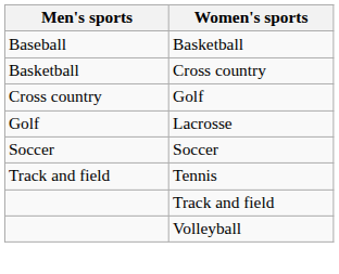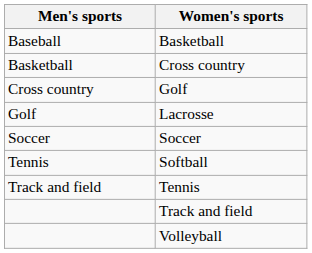 <table class="wikitable"; style= "text-align: ">
 <tr>
 <th width=150px>Men's sports</th>
 <th width=150px>Women's sports</th>
 </tr>
 <tr>
 <td>Baseball</td>
 <td>Basketball</td>
 </tr>
 <tr>
 <td>Basketball</td>
 <td>Cross country</td>
 </tr>
 <tr>
 <td>Cross country</td>
 <td>Golf</td>
 </tr>
 <tr>
 <td>Golf</td>
 <td>Lacrosse</td>
 </tr>
 <tr>
 <td>Soccer</td>
 <td>Soccer</td>
 </tr>
 <tr>
+<td>Tennis</td>
+<td>Softball</td>
+</tr>
+<tr>
 <td>Track and field</td>
 <td>Tennis</td>
 </tr>
 <tr>
 <td></td>
 <td>Track and field</td>
 </tr>
 <tr>
 <td></td>
 <td>Volleyball</td>
 </tr>
 </table>
